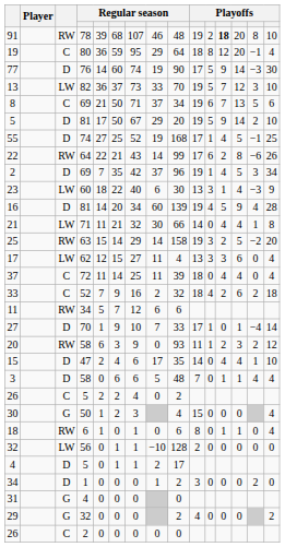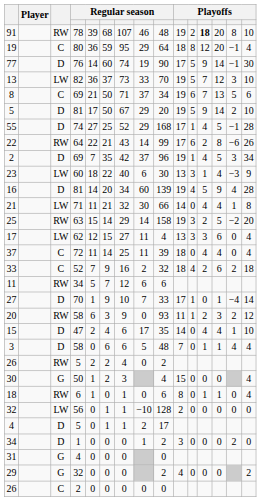 <table class="wikitable sortable plainrowheaders" style="text-align:center;">
 <tr>
 <th scope="col" data-sort-type="number" rowspan="2"></th>
 <th scope="col" rowspan="2">Player</th>
 <th scope="col" rowspan="2"></th>
 <th scope=colgroup colspan=6>Regular season</th>
 <th scope=colgroup colspan=6>Playoffs</th>
 </tr>
 <tr>
 <th scope="col" data-sort-type="number"></th>
 <th scope="col" data-sort-type="number"></th>
 <th scope="col" data-sort-type="number"></th>
 <th scope="col" data-sort-type="number"></th>
 <th scope="col" data-sort-type="number"></th>
 <th scope="col" data-sort-type="number"></th>
 <th scope="col" data-sort-type="number"></th>
 <th scope="col" data-sort-type="number"></th>
 <th scope="col" data-sort-type="number"></th>
 <th scope="col" data-sort-type="number"></th>
 <th scope="col" data-sort-type="number"></th>
 <th scope="col" data-sort-type="number"></th>
 </tr>
 <tr>
 <td scope="row">91</td>
 <td align="left"></td>
 <td>RW</td>
 <td>78</td>
 <td>39</td>
 <td>68</td>
 <td>107</td>
 <td>46</td>
 <td>48</td>
 <td>19</td>
 <td>2</td>
 <td><strong>18</strong></td>
 <td>20</td>
 <td>8</td>
 <td>10</td>
 </tr>
 <tr>
 <td scope="row">19</td>
 <td align="left"></td>
 <td>C</td>
 <td>80</td>
 <td>36</td>
 <td>59</td>
 <td>95</td>
 <td>29</td>
 <td>64</td>
 <td>18</td>
 <td>8</td>
 <td>12</td>
 <td>20</td>
 <td>−1</td>
 <td>4</td>
 </tr>
 <tr>
 <td scope="row">77</td>
 <td align="left"></td>
 <td>D</td>
 <td>76</td>
 <td>14</td>
 <td>60</td>
 <td>74</td>
 <td>19</td>
 <td>90</td>
 <td>17</td>
 <td>5</td>
 <td>9</td>
 <td>14</td>
-<td>−3</td>
+<td>−1</td>
 <td>30</td>
 </tr>
 <tr>
 <td scope="row">13</td>
 <td align="left"></td>
 <td>LW</td>
 <td>82</td>
 <td>36</td>
 <td>37</td>
 <td>73</td>
 <td>33</td>
 <td>70</td>
 <td>19</td>
 <td>5</td>
 <td>7</td>
 <td>12</td>
 <td>3</td>
 <td>10</td>
 </tr>
 <tr>
 <td scope="row">8</td>
 <td align="left"></td>
 <td>C</td>
 <td>69</td>
 <td>21</td>
 <td>50</td>
 <td>71</td>
 <td>37</td>
 <td>34</td>
 <td>19</td>
 <td>6</td>
 <td>7</td>
 <td>13</td>
 <td>5</td>
 <td>6</td>
 </tr>
 <tr>
 <td scope="row">5</td>
 <td align="left"></td>
 <td>D</td>
 <td>81</td>
 <td>17</td>
 <td>50</td>
 <td>67</td>
 <td>29</td>
 <td>20</td>
 <td>19</td>
 <td>5</td>
 <td>9</td>
 <td>14</td>
 <td>2</td>
 <td>10</td>
 </tr>
 <tr>
 <td scope="row">55</td>
 <td align="left"></td>
 <td>D</td>
 <td>74</td>
 <td>27</td>
 <td>25</td>
 <td>52</td>
-<td>19</td>
+<td>29</td>
 <td>168</td>
 <td>17</td>
 <td>1</td>
 <td>4</td>
 <td>5</td>
 <td>−1</td>
-<td>25</td>
+<td>28</td>
 </tr>
 <tr>
 <td scope="row">22</td>
 <td align="left"></td>
 <td>RW</td>
 <td>64</td>
 <td>22</td>
 <td>21</td>
 <td>43</td>
 <td>14</td>
 <td>99</td>
 <td>17</td>
 <td>6</td>
 <td>2</td>
 <td>8</td>
 <td>−6</td>
 <td>26</td>
 </tr>
 <tr>
 <td scope="row">2</td>
 <td align="left"></td>
 <td>D</td>
 <td>69</td>
 <td>7</td>
 <td>35</td>
 <td>42</td>
 <td>37</td>
 <td>96</td>
 <td>19</td>
 <td>1</td>
 <td>4</td>
 <td>5</td>
 <td>3</td>
 <td>34</td>
 </tr>
 <tr>
 <td scope="row">23</td>
 <td align="left"></td>
 <td>LW</td>
 <td>60</td>
 <td>18</td>
 <td>22</td>
 <td>40</td>
 <td>6</td>
 <td>30</td>
 <td>13</td>
 <td>3</td>
 <td>1</td>
 <td>4</td>
 <td>−3</td>
 <td>9</td>
 </tr>
 <tr>
 <td scope="row">16</td>
 <td align="left"></td>
 <td>D</td>
 <td>81</td>
 <td>14</td>
 <td>20</td>
 <td>34</td>
 <td>60</td>
 <td>139</td>
 <td>19</td>
 <td>4</td>
 <td>5</td>
 <td>9</td>
 <td>4</td>
 <td>28</td>
 </tr>
 <tr>
 <td scope="row">21</td>
 <td align="left"></td>
 <td>LW</td>
 <td>71</td>
 <td>11</td>
 <td>21</td>
 <td>32</td>
 <td>30</td>
 <td>66</td>
 <td>14</td>
 <td>0</td>
 <td>4</td>
 <td>4</td>
 <td>1</td>
 <td>8</td>
 </tr>
 <tr>
 <td scope="row">25</td>
 <td align="left"></td>
 <td>RW</td>
 <td>63</td>
 <td>15</td>
 <td>14</td>
 <td>29</td>
 <td>14</td>
 <td>158</td>
 <td>19</td>
 <td>3</td>
 <td>2</td>
 <td>5</td>
 <td>−2</td>
 <td>20</td>
 </tr>
 <tr>
 <td scope="row">17</td>
 <td align="left"></td>
 <td>LW</td>
 <td>62</td>
 <td>12</td>
 <td>15</td>
 <td>27</td>
 <td>11</td>
 <td>4</td>
 <td>13</td>
 <td>3</td>
 <td>3</td>
 <td>6</td>
 <td>0</td>
 <td>4</td>
 </tr>
 <tr>
 <td scope="row">37</td>
 <td align="left"></td>
 <td>C</td>
 <td>72</td>
 <td>11</td>
 <td>14</td>
 <td>25</td>
 <td>11</td>
 <td>39</td>
 <td>18</td>
 <td>0</td>
 <td>4</td>
 <td>4</td>
 <td>0</td>
 <td>4</td>
 </tr>
 <tr>
 <td scope="row">33</td>
 <td align="left"></td>
 <td>C</td>
 <td>52</td>
 <td>7</td>
 <td>9</td>
 <td>16</td>
 <td>2</td>
 <td>32</td>
 <td>18</td>
 <td>4</td>
 <td>2</td>
 <td>6</td>
 <td>2</td>
 <td>18</td>
 </tr>
 <tr>
 <td scope="row">11</td>
 <td align="left"></td>
 <td>RW</td>
 <td>34</td>
 <td>5</td>
 <td>7</td>
 <td>12</td>
 <td>6</td>
 <td>6</td>
 <td></td>
 <td></td>
 <td></td>
 <td></td>
 <td></td>
 <td></td>
 </tr>
 <tr>
 <td scope="row">27</td>
 <td align="left"></td>
 <td>D</td>
 <td>70</td>
 <td>1</td>
 <td>9</td>
 <td>10</td>
 <td>7</td>
 <td>33</td>
 <td>17</td>
 <td>1</td>
 <td>0</td>
 <td>1</td>
 <td>−4</td>
 <td>14</td>
 </tr>
 <tr>
 <td scope="row">20</td>
 <td align="left"></td>
 <td>RW</td>
 <td>58</td>
 <td>6</td>
 <td>3</td>
 <td>9</td>
 <td>0</td>
 <td>93</td>
 <td>11</td>
 <td>1</td>
 <td>2</td>
 <td>3</td>
 <td>2</td>
 <td>12</td>
 </tr>
 <tr>
 <td scope="row">15</td>
 <td align="left"></td>
 <td>D</td>
 <td>47</td>
 <td>2</td>
 <td>4</td>
 <td>6</td>
 <td>17</td>
 <td>35</td>
 <td>14</td>
 <td>0</td>
 <td>4</td>
 <td>4</td>
 <td>1</td>
 <td>10</td>
 </tr>
 <tr>
 <td scope="row">3</td>
 <td align="left"></td>
 <td>D</td>
 <td>58</td>
 <td>0</td>
 <td>6</td>
 <td>6</td>
 <td>5</td>
 <td>48</td>
 <td>7</td>
 <td>0</td>
 <td>1</td>
 <td>1</td>
 <td>4</td>
 <td>4</td>
 </tr>
 <tr>
 <td scope="row">26</td>
 <td align="left"></td>
-<td>C</td>
+<td>RW</td>
 <td>5</td>
 <td>2</td>
 <td>2</td>
 <td>4</td>
 <td>0</td>
 <td>2</td>
 <td></td>
 <td></td>
 <td></td>
 <td></td>
 <td></td>
 <td></td>
 </tr>
 <tr>
 <td scope="row">30</td>
 <td align="left"></td>
 <td>G</td>
 <td>50</td>
 <td>1</td>
 <td>2</td>
 <td>3</td>
 <td style="background:#ccc"></td>
 <td>4</td>
 <td>15</td>
 <td>0</td>
 <td>0</td>
 <td>0</td>
 <td style="background:#ccc"></td>
 <td>4</td>
 </tr>
 <tr>
 <td scope="row">18</td>
 <td align="left"></td>
 <td>RW</td>
 <td>6</td>
 <td>1</td>
 <td>0</td>
 <td>1</td>
 <td>0</td>
 <td>6</td>
 <td>8</td>
 <td>0</td>
 <td>1</td>
 <td>1</td>
 <td>0</td>
 <td>4</td>
 </tr>
 <tr>
 <td scope="row">32</td>
 <td align="left"></td>
 <td>LW</td>
 <td>56</td>
 <td>0</td>
 <td>1</td>
 <td>1</td>
 <td>−10</td>
 <td>128</td>
 <td>2</td>
 <td>0</td>
 <td>0</td>
 <td>0</td>
 <td>0</td>
 <td>0</td>
 </tr>
 <tr>
 <td scope="row">4</td>
 <td align="left"></td>
 <td>D</td>
 <td>5</td>
 <td>0</td>
 <td>1</td>
 <td>1</td>
 <td>2</td>
 <td>17</td>
 <td></td>
 <td></td>
 <td></td>
 <td></td>
 <td></td>
 <td></td>
 </tr>
 <tr>
 <td scope="row">34</td>
 <td align="left"></td>
 <td>D</td>
 <td>1</td>
 <td>0</td>
 <td>0</td>
 <td>0</td>
 <td>1</td>
 <td>2</td>
 <td>3</td>
 <td>0</td>
 <td>0</td>
 <td>0</td>
 <td>2</td>
 <td>0</td>
 </tr>
 <tr>
 <td scope="row">31</td>
 <td align="left"></td>
 <td>G</td>
 <td>4</td>
 <td>0</td>
 <td>0</td>
 <td>0</td>
 <td style="background:#ccc"></td>
 <td>0</td>
 <td></td>
 <td></td>
 <td></td>
 <td></td>
 <td></td>
 <td></td>
 </tr>
 <tr>
 <td scope="row">29</td>
 <td align="left"></td>
 <td>G</td>
 <td>32</td>
 <td>0</td>
 <td>0</td>
 <td>0</td>
 <td style="background:#ccc"></td>
 <td>2</td>
 <td>4</td>
 <td>0</td>
 <td>0</td>
 <td>0</td>
 <td style="background:#ccc"></td>
 <td>2</td>
 </tr>
 <tr>
 <td scope="row">26</td>
 <td align="left"></td>
 <td>C</td>
 <td>2</td>
 <td>0</td>
 <td>0</td>
 <td>0</td>
 <td>0</td>
 <td>0</td>
 <td></td>
 <td></td>
 <td></td>
 <td></td>
 <td></td>
 <td></td>
 </tr>
 </table>
